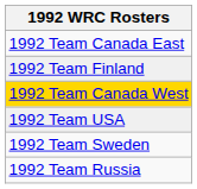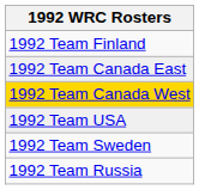 <table class=wikitable style="text-align:left;">
 <tr>
 <th>1992 WRC Rosters</th>
 </tr>
 <tr>
-<td> <a href='#'>1992 Team Canada East</a></td>
+<td> <a href='#'>1992 Team Finland</a></td>
 </tr>
 <tr bgcolor="#f0f0f0">
-<td> <a href='#'>1992 Team Finland</a></td>
+<td> <a href='#'>1992 Team Canada East</a></td>
 </tr>
 <tr>
 <td style="background: gold;"> <a href='#'>1992 Team Canada West</a></td>
 </tr>
 <tr bgcolor="#f0f0f0">
 <td> <a href='#'>1992 Team USA</a></td>
 </tr>
 <tr>
 <td> <a href='#'>1992 Team Sweden</a></td>
 </tr>
 <tr>
 <td> <a href='#'>1992 Team Russia</a></td>
 </tr>
 </table>
